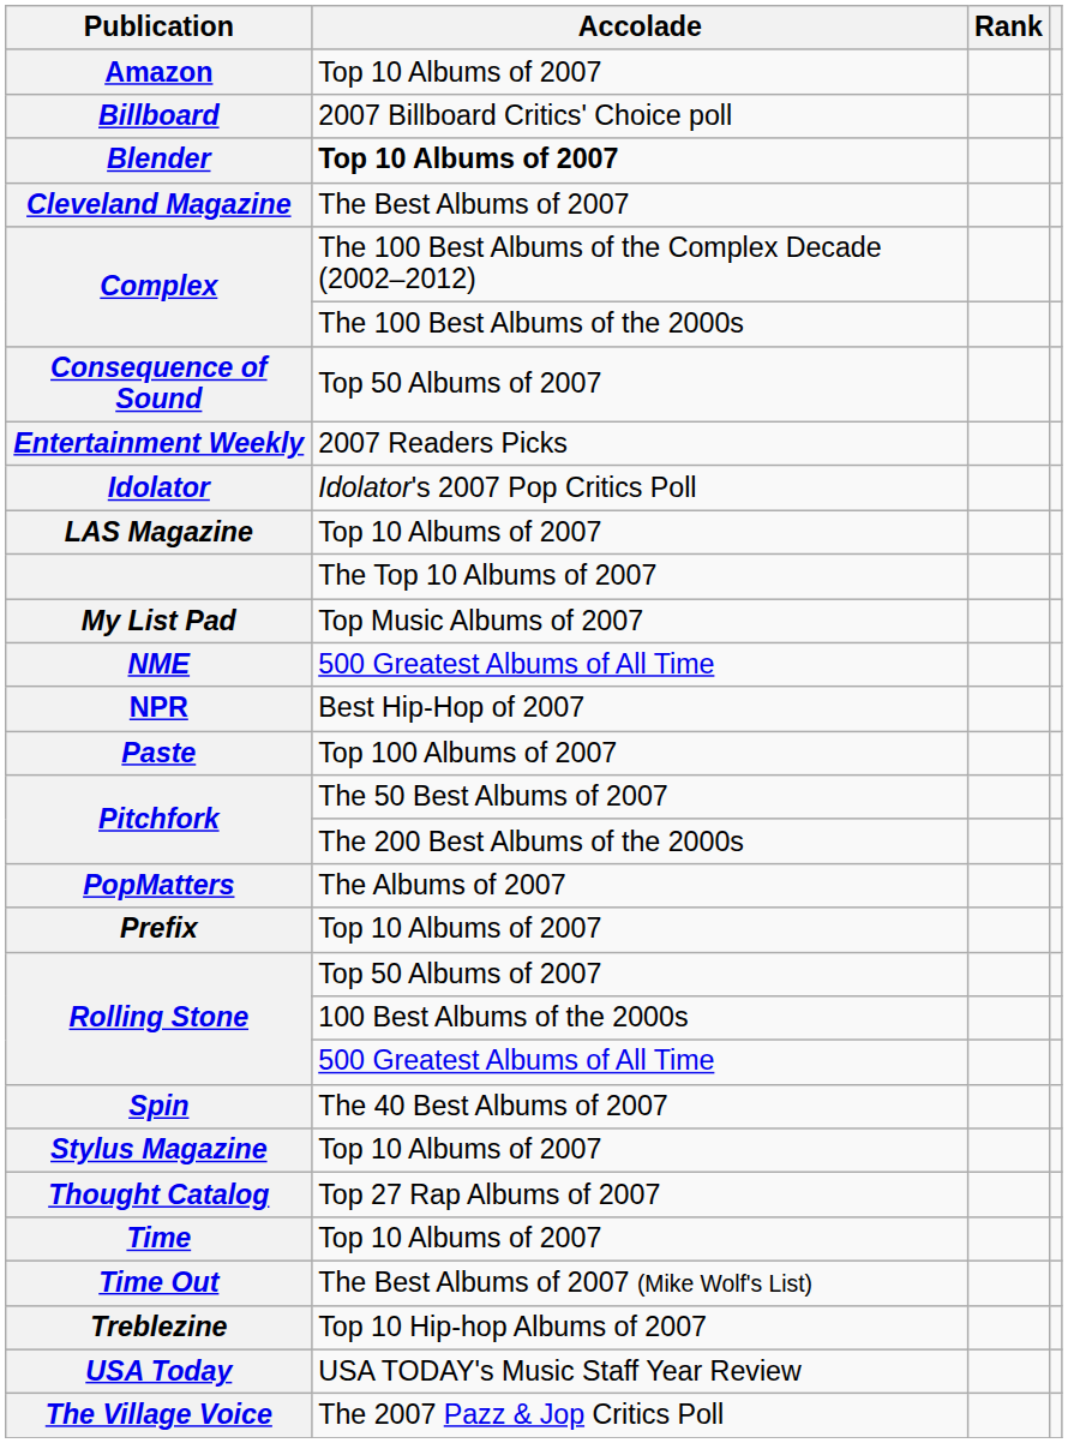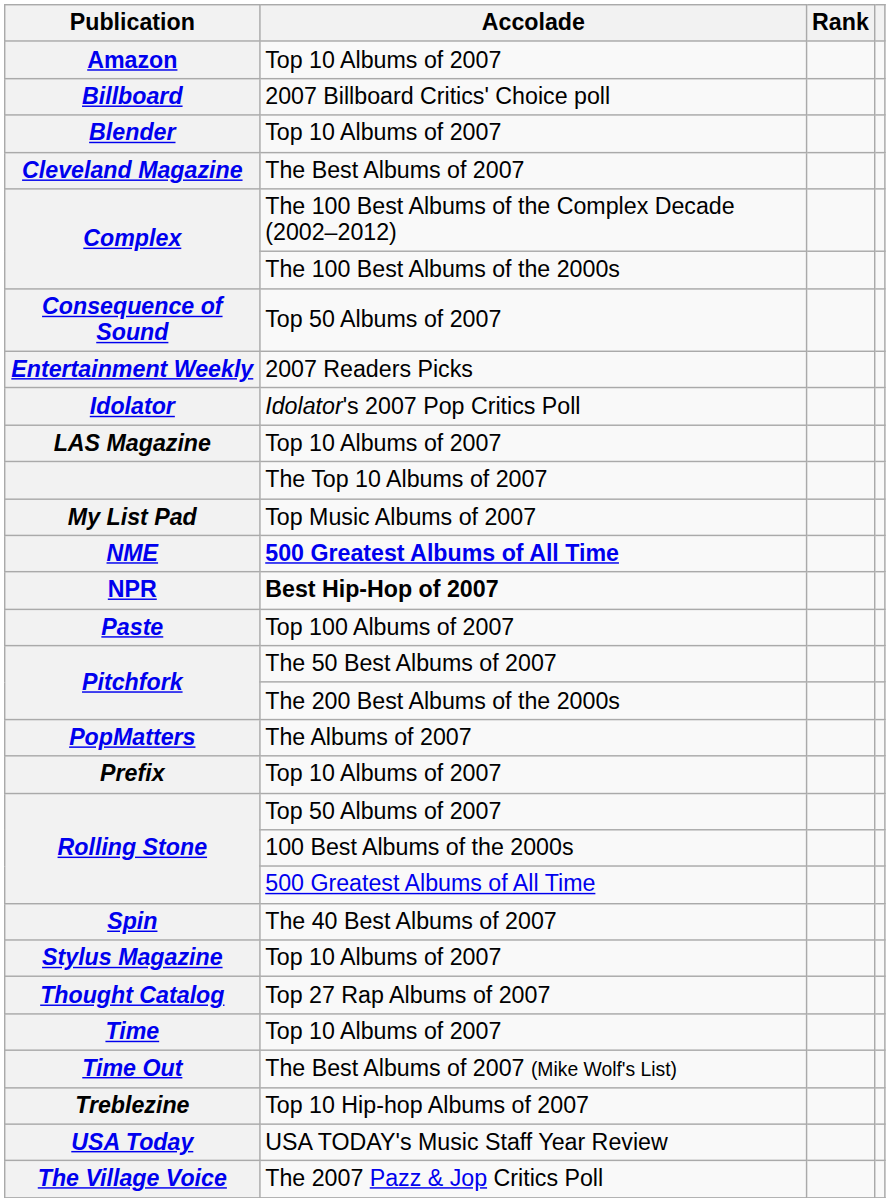 <table class="wikitable plainrowheaders sortable">
 <tr>
 <th scope="col">Publication</th>
 <th scope="col">Accolade</th>
 <th scope="col">Rank</th>
 <th scope="col" class="unsortable"></th>
 </tr>
 <tr>
 <th scope="row"><a href='#'>Amazon</a></th>
 <td>Top 10 Albums of 2007</td>
 <td></td>
 <td></td>
 </tr>
 <tr>
 <th scope="row"><em><a href='#'>Billboard</a></em></th>
 <td>2007 Billboard Critics' Choice poll</td>
 <td></td>
 <td></td>
 </tr>
 <tr>
 <th scope="row"><em><a href='#'>Blender</a></em></th>
-<td><strong>Top 10 Albums of 2007</strong></td>
+<td>Top 10 Albums of 2007</td>
 <td></td>
 <td></td>
 </tr>
 <tr>
 <th scope="row"><em><a href='#'>Cleveland Magazine</a></em></th>
 <td>The Best Albums of 2007</td>
 <td></td>
 <td></td>
 </tr>
 <tr>
 <th rowspan="2" scope="row"><em><a href='#'>Complex</a></em></th>
 <td>The 100 Best Albums of the Complex Decade (2002–2012)</td>
 <td></td>
 <td></td>
 </tr>
 <tr>
 <td>The 100 Best Albums of the 2000s</td>
 <td></td>
 <td></td>
 </tr>
 <tr>
 <th scope="row"><em><a href='#'>Consequence of Sound</a></em></th>
 <td>Top 50 Albums of 2007</td>
 <td></td>
 <td></td>
 </tr>
 <tr>
 <th scope="row"><em><a href='#'>Entertainment Weekly</a></em></th>
 <td>2007 Readers Picks</td>
 <td></td>
 <td></td>
 </tr>
 <tr>
 <th scope="row"><em><a href='#'>Idolator</a></em></th>
 <td><em>Idolator</em>'s 2007 Pop Critics Poll</td>
 <td></td>
 <td></td>
 </tr>
 <tr>
 <th scope="row"><em>LAS Magazine</em></th>
 <td>Top 10 Albums of 2007</td>
 <td></td>
 <td></td>
 </tr>
 <tr>
 <th scope="row"></th>
 <td>The Top 10 Albums of 2007</td>
 <td></td>
 <td></td>
 </tr>
 <tr>
 <th scope="row"><em>My List Pad</em></th>
 <td>Top Music Albums of 2007</td>
 <td></td>
 <td></td>
 </tr>
 <tr>
 <th scope="row"><em><a href='#'>NME</a></em></th>
-<td><a href='#'>500 Greatest Albums of All Time</a></td>
+<td><strong><a href='#'>500 Greatest Albums of All Time</a></strong></td>
 <td></td>
 <td></td>
 </tr>
 <tr>
 <th scope="row"><a href='#'>NPR</a></th>
-<td>Best Hip-Hop of 2007</td>
+<td><strong>Best Hip-Hop of 2007</strong></td>
 <td></td>
 <td></td>
 </tr>
 <tr>
 <th scope="row"><em><a href='#'>Paste</a></em></th>
 <td>Top 100 Albums of 2007</td>
 <td></td>
 <td></td>
 </tr>
 <tr>
 <th rowspan="2" scope="row"><em><a href='#'>Pitchfork</a></em></th>
 <td>The 50 Best Albums of 2007</td>
 <td></td>
 <td></td>
 </tr>
 <tr>
 <td>The 200 Best Albums of the 2000s</td>
 <td></td>
 <td></td>
 </tr>
 <tr>
 <th scope="row"><em><a href='#'>PopMatters</a></em></th>
 <td>The Albums of 2007</td>
 <td></td>
 <td></td>
 </tr>
 <tr>
 <th scope="row"><em>Prefix</em></th>
 <td>Top 10 Albums of 2007</td>
 <td></td>
 <td></td>
 </tr>
 <tr>
 <th rowspan="3" scope="row"><em><a href='#'>Rolling Stone</a></em></th>
 <td>Top 50 Albums of 2007</td>
 <td></td>
 <td></td>
 </tr>
 <tr>
 <td>100 Best Albums of the 2000s</td>
 <td></td>
 <td></td>
 </tr>
 <tr>
 <td><a href='#'>500 Greatest Albums of All Time</a></td>
 <td></td>
 <td></td>
 </tr>
 <tr>
 <th scope="row"><em><a href='#'>Spin</a></em></th>
 <td>The 40 Best Albums of 2007</td>
 <td></td>
 <td></td>
 </tr>
 <tr>
 <th scope="row"><em><a href='#'>Stylus Magazine</a></em></th>
 <td>Top 10 Albums of 2007</td>
 <td></td>
 <td></td>
 </tr>
 <tr>
 <th scope="row"><em><a href='#'>Thought Catalog</a></em></th>
 <td>Top 27 Rap Albums of 2007</td>
 <td></td>
 <td></td>
 </tr>
 <tr>
 <th scope="row"><em><a href='#'>Time</a></em></th>
 <td>Top 10 Albums of 2007</td>
 <td></td>
 <td></td>
 </tr>
 <tr>
 <th scope="row"><em><a href='#'>Time Out</a></em></th>
 <td>The Best Albums of 2007 <small>(Mike Wolf's List)</small></td>
 <td></td>
 <td></td>
 </tr>
 <tr>
 <th scope="row"><em>Treblezine</em></th>
 <td>Top 10 Hip-hop Albums of 2007</td>
 <td></td>
 <td></td>
 </tr>
 <tr>
 <th scope="row"><em><a href='#'>USA Today</a></em></th>
 <td>USA TODAY's Music Staff Year Review</td>
 <td></td>
 <td></td>
 </tr>
 <tr>
 <th scope="row"><em><a href='#'>The Village Voice</a></em></th>
 <td>The 2007 <a href='#'>Pazz & Jop</a> Critics Poll</td>
 <td></td>
 <td></td>
 </tr>
 <tr>
 </tr>
 </table>
